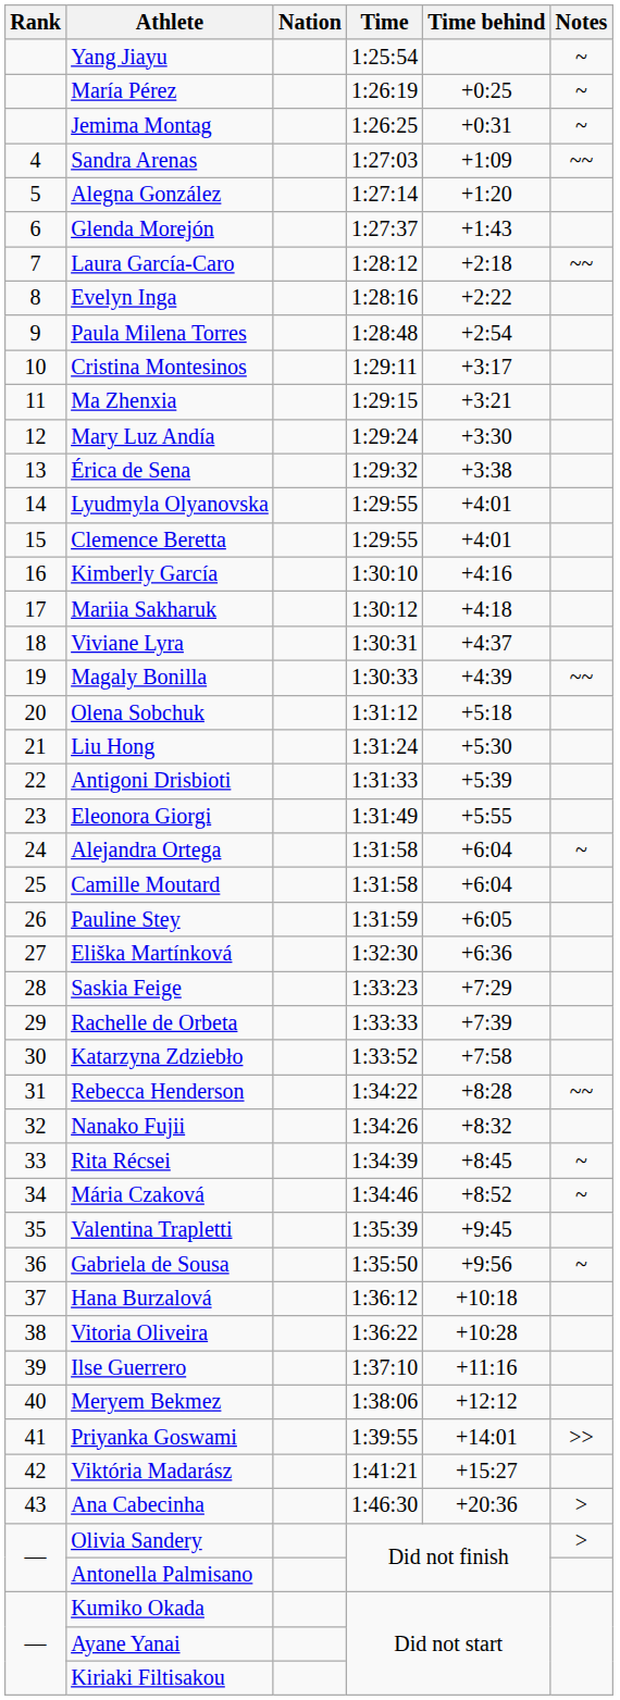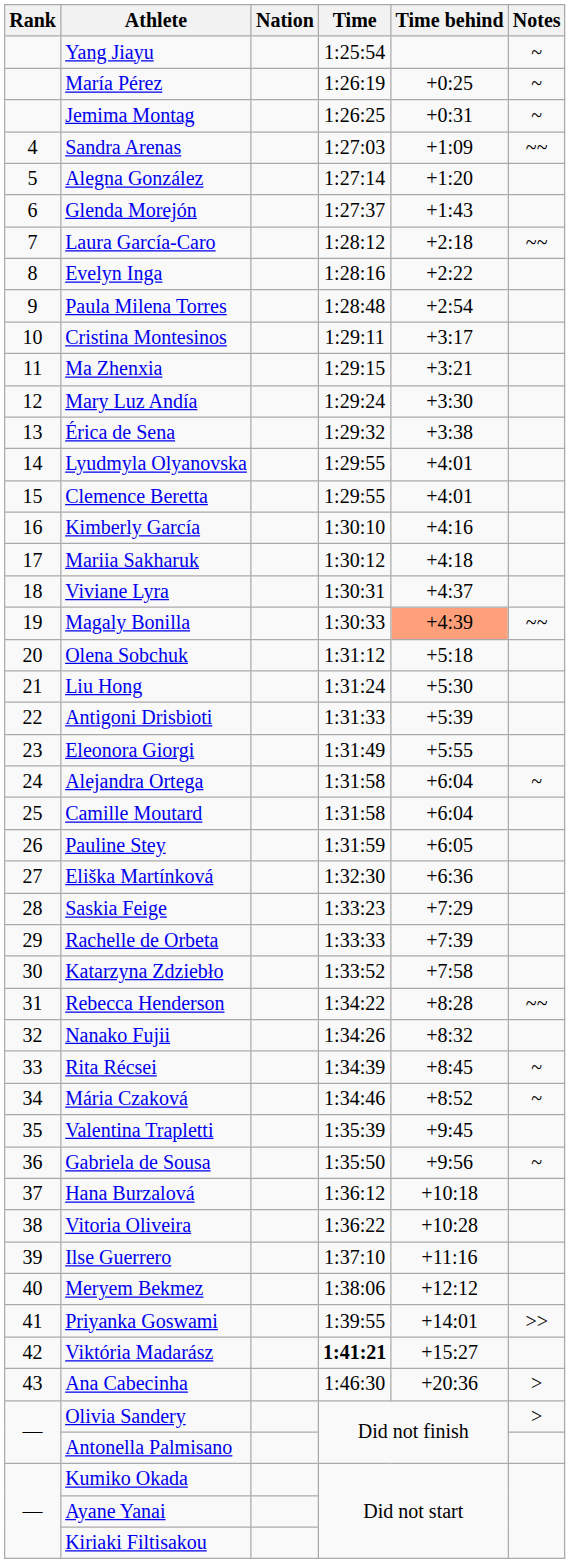 <table class="wikitable sortable" style="text-align:center">
 <tr>
 <th>Rank</th>
 <th>Athlete</th>
 <th>Nation</th>
 <th>Time</th>
 <th>Time behind</th>
 <th>Notes</th>
 </tr>
 <tr>
 <td></td>
 <td align=left><a href='#'>Yang Jiayu</a></td>
 <td align="left"></td>
 <td>1:25:54</td>
 <td></td>
 <td>~ </td>
 </tr>
 <tr>
 <td></td>
 <td align=left><a href='#'>María Pérez</a></td>
 <td align="left"></td>
 <td>1:26:19</td>
 <td>+0:25</td>
 <td>~</td>
 </tr>
 <tr>
 <td></td>
 <td align=left><a href='#'>Jemima Montag</a></td>
 <td align="left"></td>
 <td>1:26:25</td>
 <td>+0:31</td>
 <td>~ <strong></strong></td>
 </tr>
 <tr>
 <td>4</td>
 <td align=left><a href='#'>Sandra Arenas</a></td>
 <td align="left"></td>
 <td>1:27:03</td>
 <td>+1:09</td>
 <td>~~ <strong></strong></td>
 </tr>
 <tr>
 <td>5</td>
 <td align=left><a href='#'>Alegna González</a></td>
 <td align="left"></td>
 <td>1:27:14</td>
 <td>+1:20</td>
 <td></td>
 </tr>
 <tr>
 <td>6</td>
 <td align=left><a href='#'>Glenda Morejón</a></td>
 <td align="left"></td>
 <td>1:27:37</td>
 <td>+1:43</td>
 <td></td>
 </tr>
 <tr>
 <td>7</td>
 <td align=left><a href='#'>Laura García-Caro</a></td>
 <td align="left"></td>
 <td>1:28:12</td>
 <td>+2:18</td>
 <td>~~</td>
 </tr>
 <tr>
 <td>8</td>
 <td align=left><a href='#'>Evelyn Inga</a></td>
 <td align="left"></td>
 <td>1:28:16</td>
 <td>+2:22</td>
 <td></td>
 </tr>
 <tr>
 <td>9</td>
 <td align=left><a href='#'>Paula Milena Torres</a></td>
 <td align="left"></td>
 <td>1:28:48</td>
 <td>+2:54</td>
 <td></td>
 </tr>
 <tr>
 <td>10</td>
 <td align=left><a href='#'>Cristina Montesinos</a></td>
 <td align="left"></td>
 <td>1:29:11</td>
 <td>+3:17</td>
 <td></td>
 </tr>
 <tr>
 <td>11</td>
 <td align=left><a href='#'>Ma Zhenxia</a></td>
 <td align="left"></td>
 <td>1:29:15</td>
 <td>+3:21</td>
 <td></td>
 </tr>
 <tr>
 <td>12</td>
 <td align=left><a href='#'>Mary Luz Andía</a></td>
 <td align="left"></td>
 <td>1:29:24</td>
 <td>+3:30</td>
 <td></td>
 </tr>
 <tr>
 <td>13</td>
 <td align=left><a href='#'>Érica de Sena</a></td>
 <td align="left"></td>
 <td>1:29:32</td>
 <td>+3:38</td>
 <td></td>
 </tr>
 <tr>
 <td>14</td>
 <td align=left><a href='#'>Lyudmyla Olyanovska</a></td>
 <td align="left"></td>
 <td>1:29:55</td>
 <td>+4:01</td>
 <td></td>
 </tr>
 <tr>
 <td>15</td>
 <td align=left><a href='#'>Clemence Beretta</a></td>
 <td align="left"></td>
 <td>1:29:55</td>
 <td>+4:01</td>
 <td></td>
 </tr>
 <tr>
 <td>16</td>
 <td align=left><a href='#'>Kimberly García</a></td>
 <td align="left"></td>
 <td>1:30:10</td>
 <td>+4:16</td>
 <td></td>
 </tr>
 <tr>
 <td>17</td>
 <td align=left><a href='#'>Mariia Sakharuk</a></td>
 <td align="left"></td>
 <td>1:30:12</td>
 <td>+4:18</td>
 <td></td>
 </tr>
 <tr>
 <td>18</td>
 <td align=left><a href='#'>Viviane Lyra</a></td>
 <td align="left"></td>
 <td>1:30:31</td>
 <td>+4:37</td>
 <td></td>
 </tr>
 <tr>
 <td>19</td>
 <td align=left><a href='#'>Magaly Bonilla</a></td>
 <td align="left"></td>
 <td>1:30:33</td>
-<td>+4:39</td>
+<td style="background: lightsalmon;">+4:39</td>
 <td>~~</td>
 </tr>
 <tr>
 <td>20</td>
 <td align=left><a href='#'>Olena Sobchuk</a></td>
 <td align="left"></td>
 <td>1:31:12</td>
 <td>+5:18</td>
 <td></td>
 </tr>
 <tr>
 <td>21</td>
 <td align=left><a href='#'>Liu Hong</a></td>
 <td align="left"></td>
 <td>1:31:24</td>
 <td>+5:30</td>
 <td></td>
 </tr>
 <tr>
 <td>22</td>
 <td align=left><a href='#'>Antigoni Drisbioti</a></td>
 <td align="left"></td>
 <td>1:31:33</td>
 <td>+5:39</td>
 <td></td>
 </tr>
 <tr>
 <td>23</td>
 <td align=left><a href='#'>Eleonora Giorgi</a></td>
 <td align="left"></td>
 <td>1:31:49</td>
 <td>+5:55</td>
 <td></td>
 </tr>
 <tr>
 <td>24</td>
 <td align=left><a href='#'>Alejandra Ortega</a></td>
 <td align="left"></td>
 <td>1:31:58</td>
 <td>+6:04</td>
 <td>~</td>
 </tr>
 <tr>
 <td>25</td>
 <td align=left><a href='#'>Camille Moutard</a></td>
 <td align="left"></td>
 <td>1:31:58</td>
 <td>+6:04</td>
 <td></td>
 </tr>
 <tr>
 <td>26</td>
 <td align=left><a href='#'>Pauline Stey</a></td>
 <td align="left"></td>
 <td>1:31:59</td>
 <td>+6:05</td>
 <td></td>
 </tr>
 <tr>
 <td>27</td>
 <td align=left><a href='#'>Eliška Martínková</a></td>
 <td align="left"></td>
 <td>1:32:30</td>
 <td>+6:36</td>
 <td></td>
 </tr>
 <tr>
 <td>28</td>
 <td align=left><a href='#'>Saskia Feige</a></td>
 <td align="left"></td>
 <td>1:33:23</td>
 <td>+7:29</td>
 <td></td>
 </tr>
 <tr>
 <td>29</td>
 <td align=left><a href='#'>Rachelle de Orbeta</a></td>
 <td align="left"></td>
 <td>1:33:33</td>
 <td>+7:39</td>
 <td></td>
 </tr>
 <tr>
 <td>30</td>
 <td align=left><a href='#'>Katarzyna Zdziebło</a></td>
 <td align="left"></td>
 <td>1:33:52</td>
 <td>+7:58</td>
 <td></td>
 </tr>
 <tr>
 <td>31</td>
 <td align=left><a href='#'>Rebecca Henderson</a></td>
 <td align="left"></td>
 <td>1:34:22</td>
 <td>+8:28</td>
 <td>~~</td>
 </tr>
 <tr>
 <td>32</td>
 <td align=left><a href='#'>Nanako Fujii</a></td>
 <td align="left"></td>
 <td>1:34:26</td>
 <td>+8:32</td>
 <td></td>
 </tr>
 <tr>
 <td>33</td>
 <td align=left><a href='#'>Rita Récsei</a></td>
 <td align="left"></td>
 <td>1:34:39</td>
 <td>+8:45</td>
 <td>~</td>
 </tr>
 <tr>
 <td>34</td>
 <td align=left><a href='#'>Mária Czaková</a></td>
 <td align="left"></td>
 <td>1:34:46</td>
 <td>+8:52</td>
 <td>~</td>
 </tr>
 <tr>
 <td>35</td>
 <td align=left><a href='#'>Valentina Trapletti</a></td>
 <td align="left"></td>
 <td>1:35:39</td>
 <td>+9:45</td>
 <td></td>
 </tr>
 <tr>
 <td>36</td>
 <td align=left><a href='#'>Gabriela de Sousa</a></td>
 <td align="left"></td>
 <td>1:35:50</td>
 <td>+9:56</td>
 <td>~</td>
 </tr>
 <tr>
 <td>37</td>
 <td align=left><a href='#'>Hana Burzalová</a></td>
 <td align="left"></td>
 <td>1:36:12</td>
 <td>+10:18</td>
 <td></td>
 </tr>
 <tr>
 <td>38</td>
 <td align=left><a href='#'>Vitoria Oliveira</a></td>
 <td align="left"></td>
 <td>1:36:22</td>
 <td>+10:28</td>
 <td></td>
 </tr>
 <tr>
 <td>39</td>
 <td align=left><a href='#'>Ilse Guerrero</a></td>
 <td align="left"></td>
 <td>1:37:10</td>
 <td>+11:16</td>
 <td></td>
 </tr>
 <tr>
 <td>40</td>
 <td align=left><a href='#'>Meryem Bekmez</a></td>
 <td align="left"></td>
 <td>1:38:06</td>
 <td>+12:12</td>
 <td></td>
 </tr>
 <tr>
 <td>41</td>
 <td align=left><a href='#'>Priyanka Goswami</a></td>
 <td align="left"></td>
 <td>1:39:55</td>
 <td>+14:01</td>
 <td>>></td>
 </tr>
 <tr>
 <td>42</td>
 <td align=left><a href='#'>Viktória Madarász</a></td>
 <td align="left"></td>
-<td>1:41:21</td>
+<td><strong>1:41:21</strong></td>
 <td>+15:27</td>
 <td></td>
 </tr>
 <tr>
 <td>43</td>
 <td align=left><a href='#'>Ana Cabecinha</a></td>
 <td align="left"></td>
 <td>1:46:30</td>
 <td>+20:36</td>
 <td>></td>
 </tr>
 <tr>
 <td rowspan="2">—</td>
 <td align="left"><a href='#'>Olivia Sandery</a></td>
 <td align="left"></td>
 <td colspan="2" rowspan="2">Did not finish</td>
 <td>></td>
 </tr>
 <tr>
 <td align=left><a href='#'>Antonella Palmisano</a></td>
 <td align="left"></td>
 <td></td>
 </tr>
 <tr>
 <td rowspan="3">—</td>
 <td align="left"><a href='#'>Kumiko Okada</a></td>
 <td align="left"></td>
 <td colspan="2" rowspan="3">Did not start</td>
 <td rowspan="3"></td>
 </tr>
 <tr>
 <td align=left><a href='#'>Ayane Yanai</a></td>
 <td align="left"></td>
 </tr>
 <tr>
 <td align=left><a href='#'>Kiriaki Filtisakou</a></td>
 <td align="left"></td>
 </tr>
 </table>
